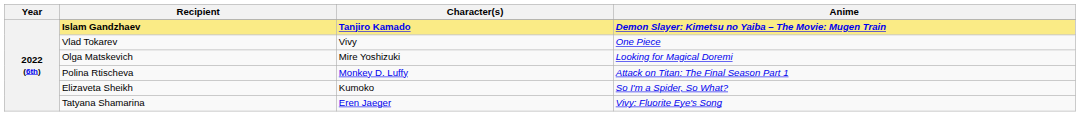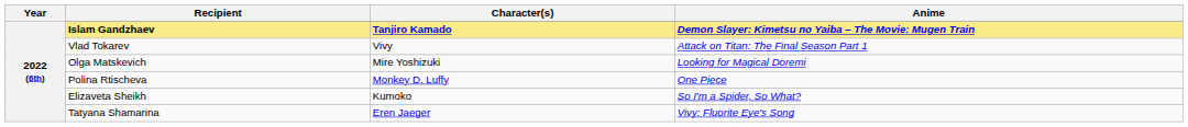 <table class="wikitable" style="width:90%;">
 <tr>
 <th style="width:3%;">Year</th>
 <th style="width:15%;">Recipient</th>
 <th style="width:15%;">Character(s)</th>
 <th style="width:25%;">Anime</th>
 </tr>
 <tr>
 <th rowspan="7" style="text-align:center;">2022 <br><small>(<a href='#'>6th</a>)</small><br></th>
 </tr>
 <tr style="background:#FAEB86;">
 <td><strong>Islam Gandzhaev</strong></td>
 <td><strong><a href='#'>Tanjiro Kamado</a></strong></td>
 <td><strong><em><a href='#'>Demon Slayer: Kimetsu no Yaiba – The Movie: Mugen Train</a></em></strong></td>
 </tr>
 <tr>
 <td>Vlad Tokarev</td>
 <td>Vivy</td>
-<td><em><a href='#'>One Piece</a></em></td>
+<td><em><a href='#'>Attack on Titan: The Final Season Part 1</a></em></td>
 </tr>
 <tr>
 <td>Olga Matskevich</td>
 <td>Mire Yoshizuki</td>
 <td><em><a href='#'>Looking for Magical Doremi</a></em></td>
 </tr>
 <tr>
 <td>Polina Rtischeva</td>
 <td><a href='#'>Monkey D. Luffy</a></td>
-<td><em><a href='#'>Attack on Titan: The Final Season Part 1</a></em></td>
+<td><em><a href='#'>One Piece</a></em></td>
 </tr>
 <tr>
 <td>Elizaveta Sheikh</td>
 <td>Kumoko</td>
 <td><em><a href='#'>So I'm a Spider, So What?</a></em></td>
 </tr>
 <tr>
 <td>Tatyana Shamarina</td>
 <td><a href='#'>Eren Jaeger</a></td>
 <td><em><a href='#'>Vivy: Fluorite Eye's Song</a></em></td>
 </tr>
 </table>
